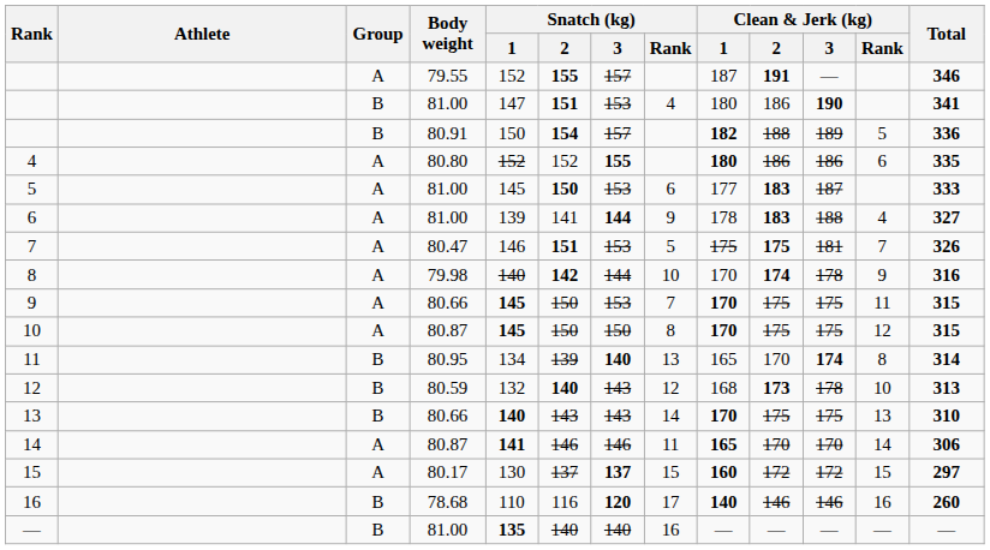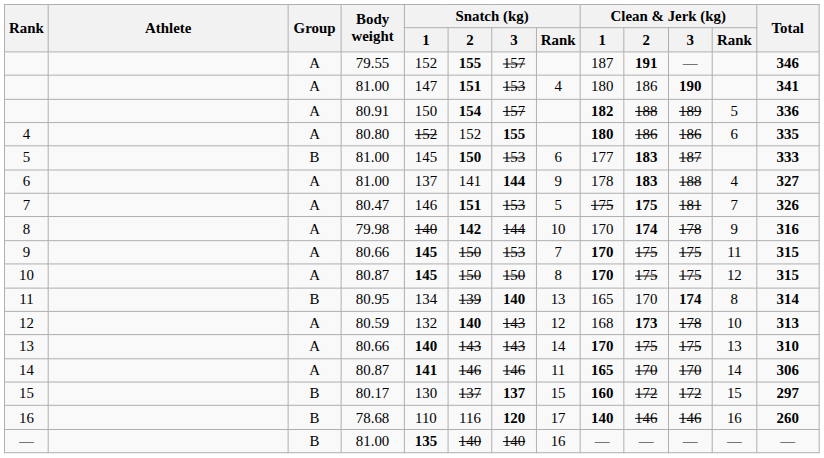 <table class = "wikitable" style="text-align:center;">
 <tr>
 <th rowspan=2 width=40>Rank</th>
 <th rowspan=2 width=250>Athlete</th>
 <th rowspan=2 width=50>Group</th>
 <th rowspan=2 width=60>Body weight</th>
 <th colspan=4>Snatch (kg)</th>
 <th colspan=4>Clean & Jerk (kg)</th>
 <th rowspan=2 width=60>Total</th>
 </tr>
 <tr>
 <th width=40>1</th>
 <th width=40>2</th>
 <th width=40>3</th>
 <th width=40>Rank</th>
 <th width=40>1</th>
 <th width=40>2</th>
 <th width=40>3</th>
 <th width=40>Rank</th>
 </tr>
 <tr>
 <td></td>
 <td align=left></td>
 <td>A</td>
 <td>79.55</td>
 <td>152</td>
 <td><strong>155</strong></td>
 <td><s>157</s></td>
 <td></td>
 <td>187</td>
 <td><strong>191</strong></td>
 <td>—</td>
 <td></td>
 <td><strong>346</strong></td>
 </tr>
 <tr>
 <td></td>
 <td align=left></td>
-<td>B</td>
+<td>A</td>
 <td>81.00</td>
 <td>147</td>
 <td><strong>151</strong></td>
 <td><s>153</s></td>
 <td>4</td>
 <td>180</td>
 <td>186</td>
 <td><strong>190</strong></td>
 <td></td>
 <td><strong>341</strong></td>
 </tr>
 <tr>
 <td></td>
 <td align=left></td>
-<td>B</td>
+<td>A</td>
 <td>80.91</td>
 <td>150</td>
 <td><strong>154</strong></td>
 <td><s>157</s></td>
 <td></td>
 <td><strong>182</strong></td>
 <td><s>188</s></td>
 <td><s>189</s></td>
 <td>5</td>
 <td><strong>336</strong></td>
 </tr>
 <tr>
 <td>4</td>
 <td align=left></td>
 <td>A</td>
 <td>80.80</td>
 <td><s>152</s></td>
 <td>152</td>
 <td><strong>155</strong></td>
 <td></td>
 <td><strong>180</strong></td>
 <td><s>186</s></td>
 <td><s>186</s></td>
 <td>6</td>
 <td><strong>335</strong></td>
 </tr>
 <tr>
 <td>5</td>
 <td align=left></td>
-<td>A</td>
+<td>B</td>
 <td>81.00</td>
 <td>145</td>
 <td><strong>150</strong></td>
 <td><s>153</s></td>
 <td>6</td>
 <td>177</td>
 <td><strong>183</strong></td>
 <td><s>187</s></td>
 <td></td>
 <td><strong>333</strong></td>
 </tr>
 <tr>
 <td>6</td>
 <td align=left></td>
 <td>A</td>
 <td>81.00</td>
-<td>139</td>
+<td>137</td>
 <td>141</td>
 <td><strong>144</strong></td>
 <td>9</td>
 <td>178</td>
 <td><strong>183</strong></td>
 <td><s>188</s></td>
 <td>4</td>
 <td><strong>327</strong></td>
 </tr>
 <tr>
 <td>7</td>
 <td align=left></td>
 <td>A</td>
 <td>80.47</td>
 <td>146</td>
 <td><strong>151</strong></td>
 <td><s>153</s></td>
 <td>5</td>
 <td><s>175</s></td>
 <td><strong>175</strong></td>
 <td><s>181</s></td>
 <td>7</td>
 <td><strong>326</strong></td>
 </tr>
 <tr>
 <td>8</td>
 <td align=left></td>
 <td>A</td>
 <td>79.98</td>
 <td><s>140</s></td>
 <td><strong>142</strong></td>
 <td><s>144</s></td>
 <td>10</td>
 <td>170</td>
 <td><strong>174</strong></td>
 <td><s>178</s></td>
 <td>9</td>
 <td><strong>316</strong></td>
 </tr>
 <tr>
 <td>9</td>
 <td align=left></td>
 <td>A</td>
 <td>80.66</td>
 <td><strong>145</strong></td>
 <td><s>150</s></td>
 <td><s>153</s></td>
 <td>7</td>
 <td><strong>170</strong></td>
 <td><s>175</s></td>
 <td><s>175</s></td>
 <td>11</td>
 <td><strong>315</strong></td>
 </tr>
 <tr>
 <td>10</td>
 <td align=left></td>
 <td>A</td>
 <td>80.87</td>
 <td><strong>145</strong></td>
 <td><s>150</s></td>
 <td><s>150</s></td>
 <td>8</td>
 <td><strong>170</strong></td>
 <td><s>175</s></td>
 <td><s>175</s></td>
 <td>12</td>
 <td><strong>315</strong></td>
 </tr>
 <tr>
 <td>11</td>
 <td align=left></td>
 <td>B</td>
 <td>80.95</td>
 <td>134</td>
 <td><s>139</s></td>
 <td><strong>140</strong></td>
 <td>13</td>
 <td>165</td>
 <td>170</td>
 <td><strong>174</strong></td>
 <td>8</td>
 <td><strong>314</strong></td>
 </tr>
 <tr>
 <td>12</td>
 <td align=left></td>
-<td>B</td>
+<td>A</td>
 <td>80.59</td>
 <td>132</td>
 <td><strong>140</strong></td>
 <td><s>143</s></td>
 <td>12</td>
 <td>168</td>
 <td><strong>173</strong></td>
 <td><s>178</s></td>
 <td>10</td>
 <td><strong>313</strong></td>
 </tr>
 <tr>
 <td>13</td>
 <td align=left></td>
-<td>B</td>
+<td>A</td>
 <td>80.66</td>
 <td><strong>140</strong></td>
 <td><s>143</s></td>
 <td><s>143</s></td>
 <td>14</td>
 <td><strong>170</strong></td>
 <td><s>175</s></td>
 <td><s>175</s></td>
 <td>13</td>
 <td><strong>310</strong></td>
 </tr>
 <tr>
 <td>14</td>
 <td align=left></td>
 <td>A</td>
 <td>80.87</td>
 <td><strong>141</strong></td>
 <td><s>146</s></td>
 <td><s>146</s></td>
 <td>11</td>
 <td><strong>165</strong></td>
 <td><s>170</s></td>
 <td><s>170</s></td>
 <td>14</td>
 <td><strong>306</strong></td>
 </tr>
 <tr>
 <td>15</td>
 <td align=left></td>
-<td>A</td>
+<td>B</td>
 <td>80.17</td>
 <td>130</td>
 <td><s>137</s></td>
 <td><strong>137</strong></td>
 <td>15</td>
 <td><strong>160</strong></td>
 <td><s>172</s></td>
 <td><s>172</s></td>
 <td>15</td>
 <td><strong>297</strong></td>
 </tr>
 <tr>
 <td>16</td>
 <td align=left></td>
 <td>B</td>
 <td>78.68</td>
 <td>110</td>
 <td>116</td>
 <td><strong>120</strong></td>
 <td>17</td>
 <td><strong>140</strong></td>
 <td><s>146</s></td>
 <td><s>146</s></td>
 <td>16</td>
 <td><strong>260</strong></td>
 </tr>
 <tr>
 <td>—</td>
 <td align=left></td>
 <td>B</td>
 <td>81.00</td>
 <td><strong>135</strong></td>
 <td><s>140</s></td>
 <td><s>140</s></td>
 <td>16</td>
 <td>—</td>
 <td>—</td>
 <td>—</td>
 <td>—</td>
 <td>—</td>
 </tr>
 </table>
